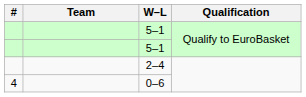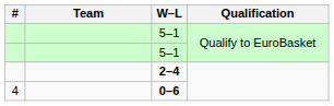 <table class=wikitable style="text-align:center;">
 <tr>
 <th width=20px>#</th>
 <th width=160px>Team</th>
 <th width=40px>W–L</th>
 <th width=180px>Qualification</th>
 </tr>
 <tr bgcolor=#CCFFCC>
 <td></td>
 <td align=left></td>
 <td>5–1</td>
 <td rowspan=2>Qualify to EuroBasket</td>
 </tr>
 <tr bgcolor=#CCFFCC>
 <td></td>
 <td align=left></td>
 <td>5–1</td>
 </tr>
 <tr>
 <td></td>
 <td align=left></td>
-<td>2–4</td>
+<td><strong>2–4</strong></td>
 </tr>
 <tr>
 <td>4</td>
 <td align=left></td>
-<td>0–6</td>
+<td><strong>0–6</strong></td>
 </tr>
 </table>
